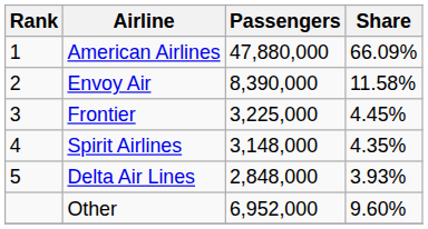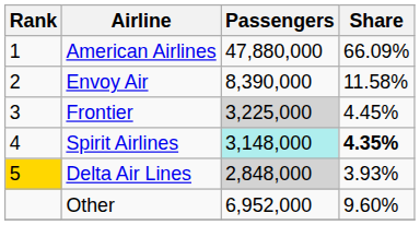 <table class="wikitable sortable" style="font-size: 95%" width= align=>
 <tr>
 <th>Rank</th>
 <th>Airline</th>
 <th>Passengers</th>
 <th>Share</th>
 </tr>
 <tr>
 <td>1</td>
 <td><a href='#'>American Airlines</a></td>
 <td>47,880,000</td>
 <td>66.09%</td>
 </tr>
 <tr>
 <td>2</td>
 <td><a href='#'>Envoy Air</a></td>
 <td>8,390,000</td>
 <td>11.58%</td>
 </tr>
 <tr>
 <td>3</td>
 <td><a href='#'>Frontier</a></td>
-<td>3,225,000</td>
+<td style="background: lightgrey;">3,225,000</td>
 <td>4.45%</td>
 </tr>
 <tr>
 <td>4</td>
 <td><a href='#'>Spirit Airlines</a></td>
-<td>3,148,000</td>
-<td>4.35%</td>
+<td style="background: paleturquoise;">3,148,000</td>
+<td><strong>4.35%</strong></td>
 </tr>
 <tr>
-<td>5</td>
+<td style="background: gold;">5</td>
 <td><a href='#'>Delta Air Lines</a></td>
-<td>2,848,000</td>
+<td style="background: lightgrey;">2,848,000</td>
 <td>3.93%</td>
 </tr>
 <tr>
 <td></td>
 <td>Other</td>
 <td>6,952,000</td>
 <td>9.60%</td>
 </tr>
 <tr>
 </tr>
 </table>
